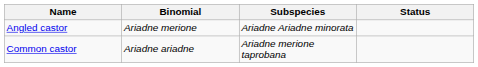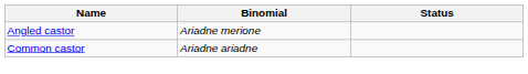 <table width=60% class="wikitable">
 <tr>
 <th width=20%>Name</th>
 <th width=20%>Binomial</th>
-<th width=20%>Subspecies</th>
 <th width=20%>Status</th>
 </tr>
 <tr>
 <td><a href='#'>Angled castor</a><br></td>
 <td><em>Ariadne merione</em></td>
-<td><em>Ariadne Ariadne minorata</em></td>
 <td></td>
 </tr>
 <tr>
 <td><a href='#'>Common castor</a><br> </td>
 <td><em>Ariadne ariadne</em></td>
-<td><em>Ariadne merione taprobana</em></td>
 <td></td>
 </tr>
 </table>
